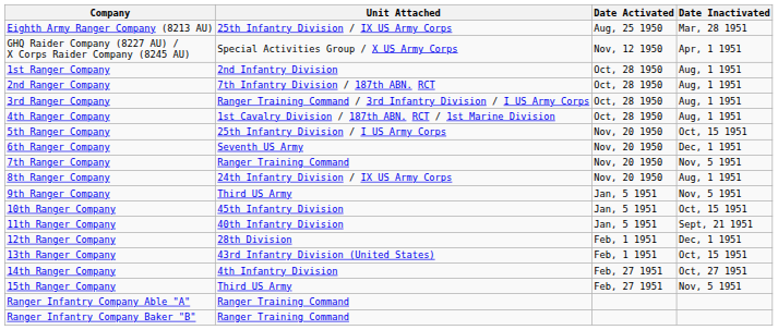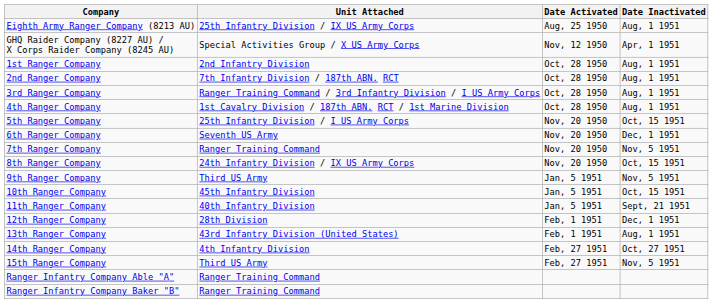 <table class="wikitable" style=" border:1 px #000000 solid;">
 <tr>
 <th>Company</th>
 <th>Unit Attached</th>
 <th>Date Activated</th>
 <th>Date Inactivated</th>
 </tr>
 <tr>
 <td><a href='#'>Eighth Army Ranger Company</a> (8213 AU)</td>
 <td><a href='#'>25th Infantry Division</a> / <a href='#'>IX US Army Corps</a></td>
 <td>Aug, 25 1950</td>
-<td>Mar, 28 1951</td>
+<td>Aug, 1 1951</td>
 </tr>
 <tr>
 <td>GHQ Raider Company (8227 AU) /<br>X Corps Raider Company (8245 AU)</td>
 <td>Special Activities Group / <a href='#'>X US Army Corps</a></td>
 <td>Nov, 12 1950</td>
 <td>Apr, 1 1951</td>
 </tr>
 <tr>
 <td><a href='#'>1st Ranger Company</a></td>
 <td><a href='#'>2nd Infantry Division</a></td>
 <td>Oct, 28 1950</td>
 <td>Aug, 1 1951</td>
 </tr>
 <tr>
 <td><a href='#'>2nd Ranger Company</a></td>
 <td><a href='#'>7th Infantry Division</a> / <a href='#'>187th ABN.</a> <a href='#'>RCT</a></td>
 <td>Oct, 28 1950</td>
 <td>Aug, 1 1951</td>
 </tr>
 <tr>
 <td><a href='#'>3rd Ranger Company</a></td>
 <td><a href='#'>Ranger Training Command</a> / <a href='#'>3rd Infantry Division</a> / <a href='#'>I US Army Corps</a></td>
 <td>Oct, 28 1950</td>
 <td>Aug, 1 1951</td>
 </tr>
 <tr>
 <td><a href='#'>4th Ranger Company</a></td>
 <td><a href='#'>1st Cavalry Division</a> / <a href='#'>187th ABN.</a> <a href='#'>RCT</a>  / <a href='#'>1st Marine Division</a></td>
 <td>Oct, 28 1950</td>
 <td>Aug, 1 1951</td>
 </tr>
 <tr>
 <td><a href='#'>5th Ranger Company</a></td>
 <td><a href='#'>25th Infantry Division</a> / <a href='#'>I US Army Corps</a></td>
 <td>Nov, 20 1950</td>
 <td>Oct, 15 1951</td>
 </tr>
 <tr>
 <td><a href='#'>6th Ranger Company</a></td>
 <td><a href='#'>Seventh US Army</a></td>
 <td>Nov, 20 1950</td>
 <td>Dec, 1 1951</td>
 </tr>
 <tr>
 <td><a href='#'>7th Ranger Company</a></td>
 <td><a href='#'>Ranger Training Command</a></td>
 <td>Nov, 20 1950</td>
 <td>Nov, 5 1951</td>
 </tr>
 <tr>
 <td><a href='#'>8th Ranger Company</a></td>
 <td><a href='#'>24th Infantry Division</a> / <a href='#'>IX US Army Corps</a></td>
 <td>Nov, 20 1950</td>
-<td>Aug, 1 1951</td>
+<td>Oct, 15 1951</td>
 </tr>
 <tr>
 <td><a href='#'>9th Ranger Company</a></td>
 <td><a href='#'>Third US Army</a></td>
 <td>Jan, 5 1951</td>
 <td>Nov, 5 1951</td>
 </tr>
 <tr>
 <td><a href='#'>10th Ranger Company</a></td>
 <td><a href='#'>45th Infantry Division</a></td>
 <td>Jan, 5 1951</td>
 <td>Oct, 15 1951</td>
 </tr>
 <tr>
 <td><a href='#'>11th Ranger Company</a></td>
 <td><a href='#'>40th Infantry Division</a></td>
 <td>Jan, 5 1951</td>
 <td>Sept, 21 1951</td>
 </tr>
 <tr>
 <td><a href='#'>12th Ranger Company</a></td>
 <td><a href='#'>28th Division</a></td>
 <td>Feb, 1 1951</td>
 <td>Dec, 1 1951</td>
 </tr>
 <tr>
 <td><a href='#'>13th Ranger Company</a></td>
 <td><a href='#'>43rd Infantry Division (United States)</a></td>
 <td>Feb, 1 1951</td>
-<td>Oct, 15 1951</td>
+<td>Aug, 1 1951</td>
 </tr>
 <tr>
 <td><a href='#'>14th Ranger Company</a></td>
 <td><a href='#'>4th Infantry Division</a></td>
 <td>Feb, 27 1951</td>
 <td>Oct, 27 1951</td>
 </tr>
 <tr>
 <td><a href='#'>15th Ranger Company</a></td>
 <td><a href='#'>Third US Army</a></td>
 <td>Feb, 27 1951</td>
 <td>Nov, 5 1951</td>
 </tr>
 <tr>
 <td><a href='#'>Ranger Infantry Company Able "A"</a></td>
 <td><a href='#'>Ranger Training Command</a></td>
 <td></td>
 <td></td>
 </tr>
 <tr>
 <td><a href='#'>Ranger Infantry Company Baker "B"</a></td>
 <td><a href='#'>Ranger Training Command</a></td>
 <td></td>
 <td><br>    </td>
 </tr>
 </table>
